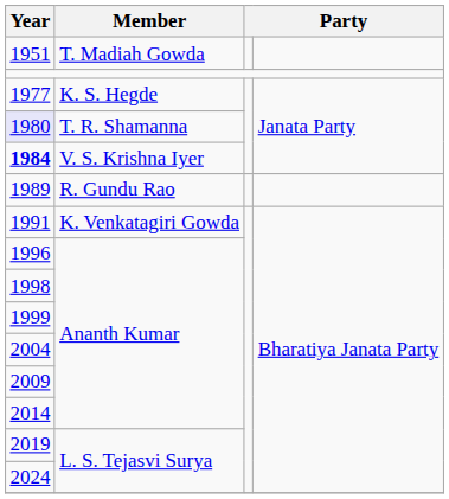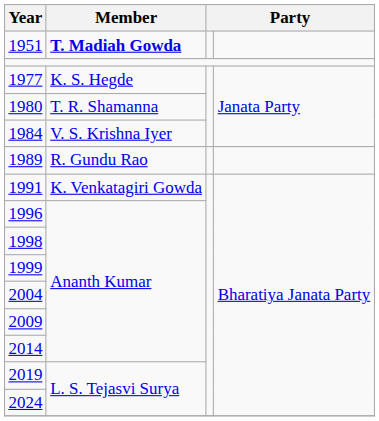 <table class="wikitable sortable">
 <tr>
 <th>Year</th>
 <th>Member</th>
 <th colspan = "2">Party</th>
 </tr>
 <tr>
 <td><a href='#'>1951</a></td>
-<td><a href='#'>T. Madiah Gowda</a></td>
+<td><strong><a href='#'>T. Madiah Gowda</a></strong></td>
 <td></td>
 </tr>
 <tr>
 <td colspan="4"></td>
 </tr>
 <tr>
 <td><a href='#'>1977</a></td>
 <td><a href='#'>K. S. Hegde</a></td>
 <td rowspan="3" style="background-color: "></td>
 <td rowspan = "3"><a href='#'>Janata Party</a></td>
 </tr>
 <tr>
-<td style="background: lavender;"><a href='#'>1980</a></td>
+<td><a href='#'>1980</a></td>
 <td><a href='#'>T. R. Shamanna</a></td>
 </tr>
 <tr>
-<td><strong><a href='#'>1984</a></strong></td>
+<td><a href='#'>1984</a></td>
 <td><a href='#'>V. S. Krishna Iyer</a></td>
 </tr>
 <tr>
 <td><a href='#'>1989</a></td>
 <td><a href='#'>R. Gundu Rao</a></td>
 <td></td>
 </tr>
 <tr>
 <td><a href='#'>1991</a></td>
 <td><a href='#'>K. Venkatagiri Gowda</a></td>
 <td rowspan="9" style="background-color: "></td>
 <td rowspan = "9"><a href='#'>Bharatiya Janata Party</a></td>
 </tr>
 <tr>
 <td><a href='#'>1996</a></td>
 <td rowspan = "6"><a href='#'>Ananth Kumar</a></td>
 </tr>
 <tr>
 <td><a href='#'>1998</a></td>
 </tr>
 <tr>
 <td><a href='#'>1999</a></td>
 </tr>
 <tr>
 <td><a href='#'>2004</a></td>
 </tr>
 <tr>
 <td><a href='#'>2009</a></td>
 </tr>
 <tr>
 <td><a href='#'>2014</a></td>
 </tr>
 <tr>
 <td><a href='#'>2019</a></td>
 <td rowspan=2><a href='#'>L. S. Tejasvi Surya</a></td>
 </tr>
 <tr>
 <td><a href='#'>2024</a></td>
 </tr>
 <tr>
 </tr>
 </table>
